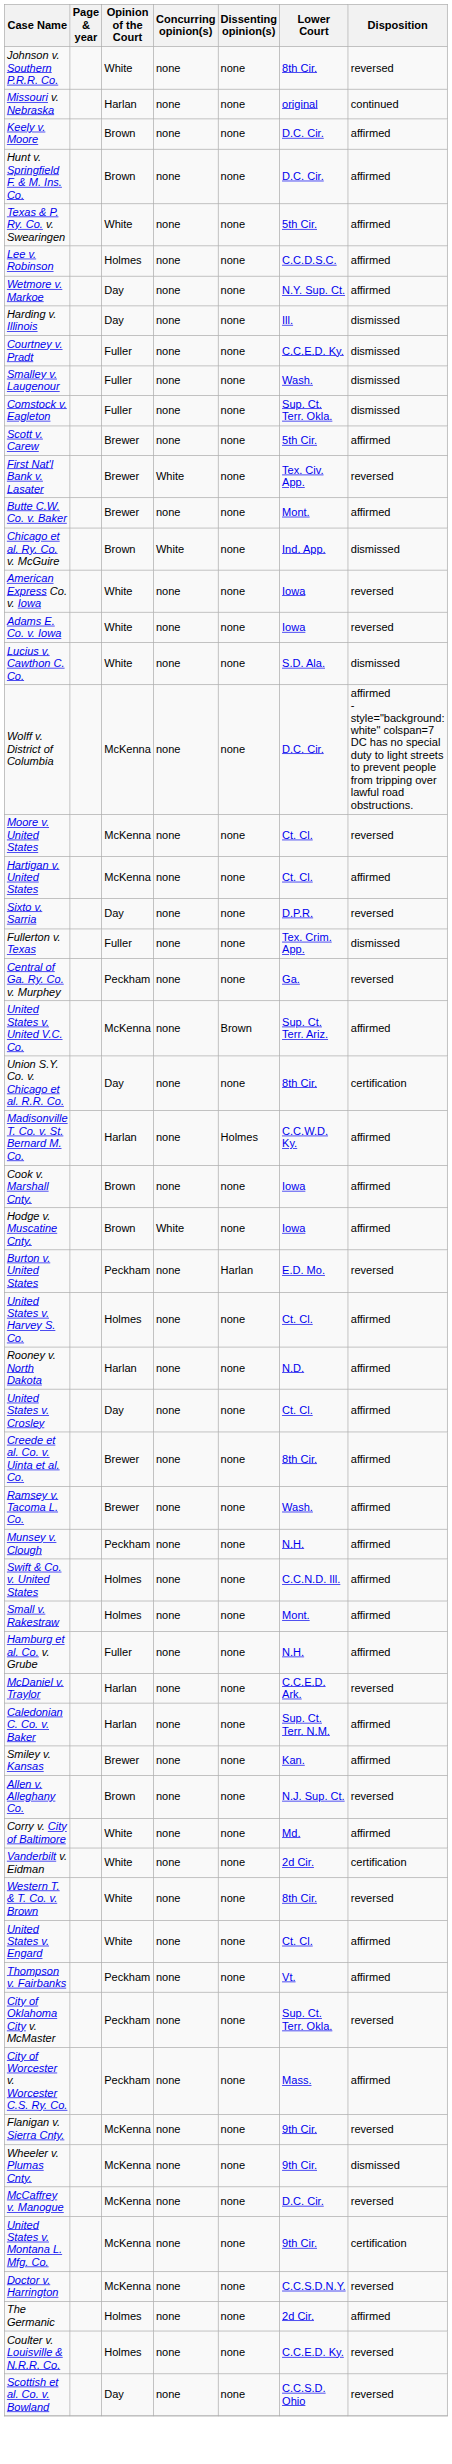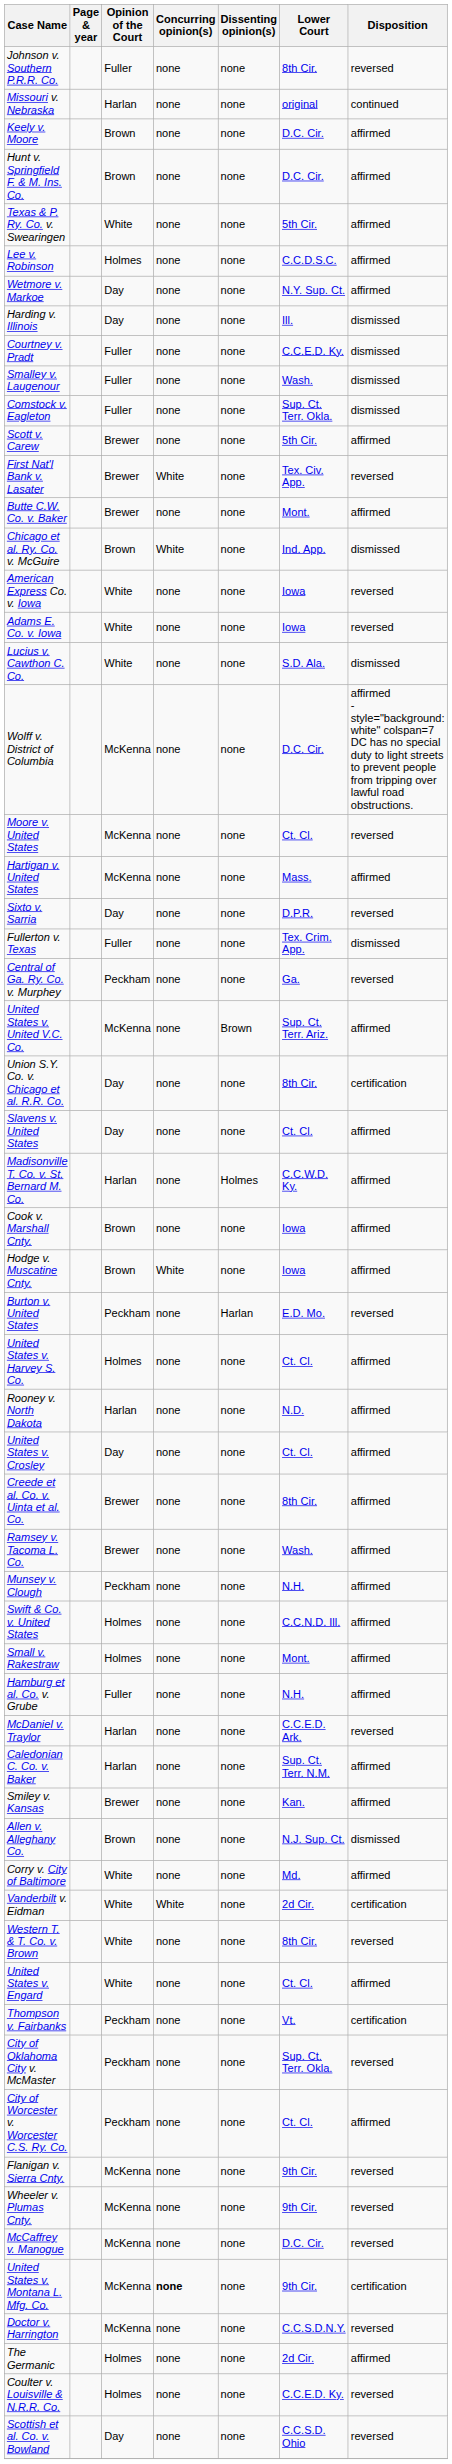 <table class="wikitable sortable">
 <tr>
 <th scope="col" style="width: 380px;">Case Name</th>
 <th scope="col" style="width: 95px;">Page & year</th>
 <th scope="col" style="width: 10px;">Opinion of the Court</th>
 <th scope="col" style="width: 10px;">Concurring opinion(s)</th>
 <th scope="col" style="width: 10px;">Dissenting opinion(s)</th>
 <th scope="col" style="width: 155px;">Lower Court</th>
 <th scope="col" style="width: 133px;">Disposition</th>
 </tr>
 <tr>
 <td><em>Johnson v. <a href='#'>Southern P.R.R. Co.</a></em></td>
 <td align="right"></td>
-<td>White</td>
+<td>Fuller</td>
 <td>none</td>
 <td>none</td>
 <td><a href='#'>8th Cir.</a></td>
 <td>reversed</td>
 </tr>
 <tr>
 <td><em><a href='#'>Missouri</a> v. <a href='#'>Nebraska</a></em></td>
 <td align="right"></td>
 <td>Harlan</td>
 <td>none</td>
 <td>none</td>
 <td><a href='#'>original</a></td>
 <td>continued</td>
 </tr>
 <tr>
 <td><em><a href='#'>Keely v. Moore</a></em></td>
 <td align="right"></td>
 <td>Brown</td>
 <td>none</td>
 <td>none</td>
 <td><a href='#'>D.C. Cir.</a></td>
 <td>affirmed</td>
 </tr>
 <tr>
 <td><em>Hunt v. <a href='#'>Springfield F. & M. Ins. Co.</a></em></td>
 <td align="right"></td>
 <td>Brown</td>
 <td>none</td>
 <td>none</td>
 <td><a href='#'>D.C. Cir.</a></td>
 <td>affirmed</td>
 </tr>
 <tr>
 <td><em><a href='#'>Texas & P. Ry. Co.</a> v. Swearingen</em></td>
 <td align="right"></td>
 <td>White</td>
 <td>none</td>
 <td>none</td>
 <td><a href='#'>5th Cir.</a></td>
 <td>affirmed</td>
 </tr>
 <tr>
 <td><em><a href='#'>Lee v. Robinson</a></em></td>
 <td align="right"></td>
 <td>Holmes</td>
 <td>none</td>
 <td>none</td>
 <td><a href='#'>C.C.D.S.C.</a></td>
 <td>affirmed</td>
 </tr>
 <tr>
 <td><em><a href='#'>Wetmore v. Markoe</a></em></td>
 <td align="right"></td>
 <td>Day</td>
 <td>none</td>
 <td>none</td>
 <td><a href='#'>N.Y. Sup. Ct.</a></td>
 <td>affirmed</td>
 </tr>
 <tr>
 <td><em>Harding v. <a href='#'>Illinois</a></em></td>
 <td align="right"></td>
 <td>Day</td>
 <td>none</td>
 <td>none</td>
 <td><a href='#'>Ill.</a></td>
 <td>dismissed</td>
 </tr>
 <tr>
 <td><em><a href='#'>Courtney v. Pradt</a></em></td>
 <td align="right"></td>
 <td>Fuller</td>
 <td>none</td>
 <td>none</td>
 <td><a href='#'>C.C.E.D. Ky.</a></td>
 <td>dismissed</td>
 </tr>
 <tr>
 <td><em><a href='#'>Smalley v. Laugenour</a></em></td>
 <td align="right"></td>
 <td>Fuller</td>
 <td>none</td>
 <td>none</td>
 <td><a href='#'>Wash.</a></td>
 <td>dismissed</td>
 </tr>
 <tr>
 <td><em><a href='#'>Comstock v. Eagleton</a></em></td>
 <td align="right"></td>
 <td>Fuller</td>
 <td>none</td>
 <td>none</td>
 <td><a href='#'>Sup. Ct. Terr. Okla.</a></td>
 <td>dismissed</td>
 </tr>
 <tr>
 <td><em><a href='#'>Scott v. Carew</a></em></td>
 <td align="right"></td>
 <td>Brewer</td>
 <td>none</td>
 <td>none</td>
 <td><a href='#'>5th Cir.</a></td>
 <td>affirmed</td>
 </tr>
 <tr>
 <td><em><a href='#'>First Nat'l Bank v. Lasater</a></em></td>
 <td align="right"></td>
 <td>Brewer</td>
 <td>White</td>
 <td>none</td>
 <td><a href='#'>Tex. Civ. App.</a></td>
 <td>reversed</td>
 </tr>
 <tr>
 <td><em><a href='#'>Butte C.W. Co. v. Baker</a></em></td>
 <td align="right"></td>
 <td>Brewer</td>
 <td>none</td>
 <td>none</td>
 <td><a href='#'>Mont.</a></td>
 <td>affirmed</td>
 </tr>
 <tr>
 <td><em><a href='#'>Chicago et al. Ry. Co.</a> v. McGuire</em></td>
 <td align="right"></td>
 <td>Brown</td>
 <td>White</td>
 <td>none</td>
 <td><a href='#'>Ind. App.</a></td>
 <td>dismissed</td>
 </tr>
 <tr>
 <td><em><a href='#'>American Express</a> Co. v. <a href='#'>Iowa</a></em></td>
 <td align="right"></td>
 <td>White</td>
 <td>none</td>
 <td>none</td>
 <td><a href='#'>Iowa</a></td>
 <td>reversed</td>
 </tr>
 <tr>
 <td><em><a href='#'>Adams E. Co. v. Iowa</a></em></td>
 <td align="right"></td>
 <td>White</td>
 <td>none</td>
 <td>none</td>
 <td><a href='#'>Iowa</a></td>
 <td>reversed</td>
 </tr>
 <tr>
 <td><em><a href='#'>Lucius v. Cawthon C. Co.</a></em></td>
 <td align="right"></td>
 <td>White</td>
 <td>none</td>
 <td>none</td>
 <td><a href='#'>S.D. Ala.</a></td>
 <td>dismissed</td>
 </tr>
 <tr>
 <td><em>Wolff v. District of Columbia</em></td>
 <td align="right"></td>
 <td>McKenna</td>
 <td>none</td>
 <td>none</td>
 <td><a href='#'>D.C. Cir.</a></td>
 <td>affirmed<br>- style="background: white"  colspan=7  DC has no special duty to light streets to prevent people from tripping over lawful road obstructions.</td>
 </tr>
 <tr>
 <td><em><a href='#'>Moore v. United States</a></em></td>
 <td align="right"></td>
 <td>McKenna</td>
 <td>none</td>
 <td>none</td>
 <td><a href='#'>Ct. Cl.</a></td>
 <td>reversed</td>
 </tr>
 <tr>
 <td><em><a href='#'>Hartigan v. United States</a></em></td>
 <td align="right"></td>
 <td>McKenna</td>
 <td>none</td>
 <td>none</td>
-<td><a href='#'>Ct. Cl.</a></td>
+<td><a href='#'>Mass.</a></td>
 <td>affirmed</td>
 </tr>
 <tr>
 <td><em><a href='#'>Sixto v. Sarria</a></em></td>
 <td align="right"></td>
 <td>Day</td>
 <td>none</td>
 <td>none</td>
 <td><a href='#'>D.P.R.</a></td>
 <td>reversed</td>
 </tr>
 <tr>
 <td><em>Fullerton v. <a href='#'>Texas</a></em></td>
 <td align="right"></td>
 <td>Fuller</td>
 <td>none</td>
 <td>none</td>
 <td><a href='#'>Tex. Crim. App.</a></td>
 <td>dismissed</td>
 </tr>
 <tr>
 <td><em><a href='#'>Central of Ga. Ry. Co.</a> v. Murphey</em></td>
 <td align="right"></td>
 <td>Peckham</td>
 <td>none</td>
 <td>none</td>
 <td><a href='#'>Ga.</a></td>
 <td>reversed</td>
 </tr>
 <tr>
 <td><em><a href='#'>United States v. United V.C. Co.</a></em></td>
 <td align="right"></td>
 <td>McKenna</td>
 <td>none</td>
 <td>Brown</td>
 <td><a href='#'>Sup. Ct. Terr. Ariz.</a></td>
 <td>affirmed</td>
 </tr>
 <tr>
 <td><em>Union S.Y. Co. v. <a href='#'>Chicago et al. R.R. Co.</a></em></td>
 <td align="right"></td>
 <td>Day</td>
 <td>none</td>
 <td>none</td>
 <td><a href='#'>8th Cir.</a></td>
 <td>certification</td>
+</tr>
+<tr>
+<td><em><a href='#'>Slavens v. United States</a></em></td>
+<td align="right"></td>
+<td>Day</td>
+<td>none</td>
+<td>none</td>
+<td><a href='#'>Ct. Cl.</a></td>
+<td>affirmed</td>
 </tr>
 <tr>
 <td><em><a href='#'>Madisonville T. Co. v. St. Bernard M. Co.</a></em></td>
 <td align="right"></td>
 <td>Harlan</td>
 <td>none</td>
 <td>Holmes</td>
 <td><a href='#'>C.C.W.D. Ky.</a></td>
 <td>affirmed</td>
 </tr>
 <tr>
 <td><em>Cook v. <a href='#'>Marshall Cnty.</a></em></td>
 <td align="right"></td>
 <td>Brown</td>
 <td>none</td>
 <td>none</td>
 <td><a href='#'>Iowa</a></td>
 <td>affirmed</td>
 </tr>
 <tr>
 <td><em>Hodge v. <a href='#'>Muscatine Cnty.</a></em></td>
 <td align="right"></td>
 <td>Brown</td>
 <td>White</td>
 <td>none</td>
 <td><a href='#'>Iowa</a></td>
 <td>affirmed</td>
 </tr>
 <tr>
 <td><em><a href='#'>Burton v. United States</a></em></td>
 <td align="right"></td>
 <td>Peckham</td>
 <td>none</td>
 <td>Harlan</td>
 <td><a href='#'>E.D. Mo.</a></td>
 <td>reversed</td>
 </tr>
 <tr>
 <td><em><a href='#'>United States v. Harvey S. Co.</a></em></td>
 <td align="right"></td>
 <td>Holmes</td>
 <td>none</td>
 <td>none</td>
 <td><a href='#'>Ct. Cl.</a></td>
 <td>affirmed</td>
 </tr>
 <tr>
 <td><em>Rooney v. <a href='#'>North Dakota</a></em></td>
 <td align="right"></td>
 <td>Harlan</td>
 <td>none</td>
 <td>none</td>
 <td><a href='#'>N.D.</a></td>
 <td>affirmed</td>
 </tr>
 <tr>
 <td><em><a href='#'>United States v. Crosley</a></em></td>
 <td align="right"></td>
 <td>Day</td>
 <td>none</td>
 <td>none</td>
 <td><a href='#'>Ct. Cl.</a></td>
 <td>affirmed</td>
 </tr>
 <tr>
 <td><em><a href='#'>Creede et al. Co. v. Uinta et al. Co.</a></em></td>
 <td align="right"></td>
 <td>Brewer</td>
 <td>none</td>
 <td>none</td>
 <td><a href='#'>8th Cir.</a></td>
 <td>affirmed</td>
 </tr>
 <tr>
 <td><em><a href='#'>Ramsey v. Tacoma L. Co.</a></em></td>
 <td align="right"></td>
 <td>Brewer</td>
 <td>none</td>
 <td>none</td>
 <td><a href='#'>Wash.</a></td>
 <td>affirmed</td>
 </tr>
 <tr>
 <td><em><a href='#'>Munsey v. Clough</a></em></td>
 <td align="right"></td>
 <td>Peckham</td>
 <td>none</td>
 <td>none</td>
 <td><a href='#'>N.H.</a></td>
 <td>affirmed</td>
 </tr>
 <tr>
 <td><em><a href='#'>Swift & Co. v. United States</a></em></td>
 <td align="right"></td>
 <td>Holmes</td>
 <td>none</td>
 <td>none</td>
 <td><a href='#'>C.C.N.D. Ill.</a></td>
 <td>affirmed</td>
 </tr>
 <tr>
 <td><em><a href='#'>Small v. Rakestraw</a></em></td>
 <td align="right"></td>
 <td>Holmes</td>
 <td>none</td>
 <td>none</td>
 <td><a href='#'>Mont.</a></td>
 <td>affirmed</td>
 </tr>
 <tr>
 <td><em><a href='#'>Hamburg et al. Co.</a> v. Grube</em></td>
 <td align="right"></td>
 <td>Fuller</td>
 <td>none</td>
 <td>none</td>
 <td><a href='#'>N.H.</a></td>
 <td>affirmed</td>
 </tr>
 <tr>
 <td><em><a href='#'>McDaniel v. Traylor</a></em></td>
 <td align="right"></td>
 <td>Harlan</td>
 <td>none</td>
 <td>none</td>
 <td><a href='#'>C.C.E.D. Ark.</a></td>
 <td>reversed</td>
 </tr>
 <tr>
 <td><em><a href='#'>Caledonian C. Co. v. Baker</a></em></td>
 <td align="right"></td>
 <td>Harlan</td>
 <td>none</td>
 <td>none</td>
 <td><a href='#'>Sup. Ct. Terr. N.M.</a></td>
 <td>affirmed</td>
 </tr>
 <tr>
 <td><em>Smiley v. <a href='#'>Kansas</a></em></td>
 <td align="right"></td>
 <td>Brewer</td>
 <td>none</td>
 <td>none</td>
 <td><a href='#'>Kan.</a></td>
 <td>affirmed</td>
 </tr>
 <tr>
 <td><em><a href='#'>Allen v. Alleghany Co.</a></em></td>
 <td align="right"></td>
 <td>Brown</td>
 <td>none</td>
 <td>none</td>
 <td><a href='#'>N.J. Sup. Ct.</a></td>
-<td>reversed</td>
+<td>dismissed</td>
 </tr>
 <tr>
 <td><em>Corry v. <a href='#'>City of Baltimore</a></em></td>
 <td align="right"></td>
 <td>White</td>
 <td>none</td>
 <td>none</td>
 <td><a href='#'>Md.</a></td>
 <td>affirmed</td>
 </tr>
 <tr>
 <td><em><a href='#'>Vanderbilt</a> v. Eidman</em></td>
 <td align="right"></td>
 <td>White</td>
-<td>none</td>
+<td>White</td>
 <td>none</td>
 <td><a href='#'>2d Cir.</a></td>
 <td>certification</td>
 </tr>
 <tr>
 <td><em><a href='#'>Western T. & T. Co. v. Brown</a></em></td>
 <td align="right"></td>
 <td>White</td>
 <td>none</td>
 <td>none</td>
 <td><a href='#'>8th Cir.</a></td>
 <td>reversed</td>
 </tr>
 <tr>
 <td><em><a href='#'>United States v. Engard</a></em></td>
 <td align="right"></td>
 <td>White</td>
 <td>none</td>
 <td>none</td>
 <td><a href='#'>Ct. Cl.</a></td>
 <td>affirmed</td>
 </tr>
 <tr>
 <td><em><a href='#'>Thompson v. Fairbanks</a></em></td>
 <td align="right"></td>
 <td>Peckham</td>
 <td>none</td>
 <td>none</td>
 <td><a href='#'>Vt.</a></td>
-<td>affirmed</td>
+<td>certification</td>
 </tr>
 <tr>
 <td><em><a href='#'>City of Oklahoma City</a> v. McMaster</em></td>
 <td align="right"></td>
 <td>Peckham</td>
 <td>none</td>
 <td>none</td>
 <td><a href='#'>Sup. Ct. Terr. Okla.</a></td>
 <td>reversed</td>
 </tr>
 <tr>
 <td><em><a href='#'>City of Worcester</a> v. <a href='#'>Worcester C.S. Ry. Co.</a></em></td>
 <td align="right"></td>
 <td>Peckham</td>
 <td>none</td>
 <td>none</td>
-<td><a href='#'>Mass.</a></td>
+<td><a href='#'>Ct. Cl.</a></td>
 <td>affirmed</td>
 </tr>
 <tr>
 <td><em>Flanigan v. <a href='#'>Sierra Cnty.</a></em></td>
 <td align="right"></td>
 <td>McKenna</td>
 <td>none</td>
 <td>none</td>
 <td><a href='#'>9th Cir.</a></td>
 <td>reversed</td>
 </tr>
 <tr>
 <td><em>Wheeler v. <a href='#'>Plumas Cnty.</a></em></td>
 <td align="right"></td>
 <td>McKenna</td>
 <td>none</td>
 <td>none</td>
 <td><a href='#'>9th Cir.</a></td>
-<td>dismissed</td>
+<td>reversed</td>
 </tr>
 <tr>
 <td><em><a href='#'>McCaffrey v. Manogue</a></em></td>
 <td align="right"></td>
 <td>McKenna</td>
 <td>none</td>
 <td>none</td>
 <td><a href='#'>D.C. Cir.</a></td>
 <td>reversed</td>
 </tr>
 <tr>
 <td><em><a href='#'>United States v. Montana L. Mfg. Co.</a></em></td>
 <td align="right"></td>
 <td>McKenna</td>
-<td>none</td>
+<td><strong>none</strong></td>
 <td>none</td>
 <td><a href='#'>9th Cir.</a></td>
 <td>certification</td>
 </tr>
 <tr>
 <td><em><a href='#'>Doctor v. Harrington</a></em></td>
 <td align="right"></td>
 <td>McKenna</td>
 <td>none</td>
 <td>none</td>
 <td><a href='#'>C.C.S.D.N.Y.</a></td>
 <td>reversed</td>
 </tr>
 <tr>
 <td><em>The Germanic</em></td>
 <td align="right"></td>
 <td>Holmes</td>
 <td>none</td>
 <td>none</td>
 <td><a href='#'>2d Cir.</a></td>
 <td>affirmed</td>
 </tr>
 <tr>
 <td><em>Coulter v. <a href='#'>Louisville & N.R.R. Co.</a></em></td>
 <td align="right"></td>
 <td>Holmes</td>
 <td>none</td>
 <td>none</td>
 <td><a href='#'>C.C.E.D. Ky.</a></td>
 <td>reversed</td>
 </tr>
 <tr>
 <td><em><a href='#'>Scottish et al. Co. v. Bowland</a></em></td>
 <td align="right"></td>
 <td>Day</td>
 <td>none</td>
 <td>none</td>
 <td><a href='#'>C.C.S.D. Ohio</a></td>
 <td>reversed</td>
 </tr>
 <tr>
 </tr>
 </table>
